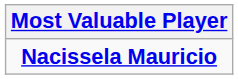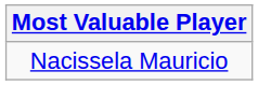 <table class=wikitable style="text-align:center; margin:auto">
 <tr>
 <th><a href='#'>Most Valuable Player</a></th>
 </tr>
 <tr>
-<td><strong> <a href='#'>Nacissela Mauricio</a></strong></td>
+<td> <a href='#'>Nacissela Mauricio</a></td>
 </tr>
 </table>
